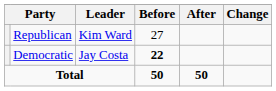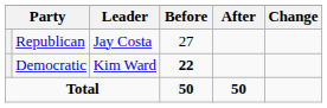 <table class="wikitable" style="text-align:center;">
 <tr>
 </tr>
 <tr>
 <th colspan="2">Party</th>
 <th>Leader</th>
 <th style="width:3em">Before</th>
 <th style="width:3em">After</th>
 <th style="width:3em">Change</th>
 </tr>
 <tr>
 <th style="background-color:"></th>
 <td style="text-align:left;"><a href='#'>Republican</a></td>
-<td style="text-align:left;"><a href='#'>Kim Ward</a></td>
+<td style="text-align:left;"><a href='#'>Jay Costa</a></td>
 <td>27</td>
 <td></td>
 <td></td>
 </tr>
 <tr>
 <th style="background-color:"></th>
 <td style="text-align:left;"><a href='#'>Democratic</a></td>
-<td style="text-align:left;"><a href='#'>Jay Costa</a></td>
+<td style="text-align:left;"><a href='#'>Kim Ward</a></td>
 <td><strong>22</strong></td>
 <td></td>
 <td></td>
 </tr>
 <tr>
 <td colspan="3"><strong>Total</strong></td>
 <td><strong>50</strong></td>
 <td><strong>50</strong></td>
 <td></td>
 </tr>
 </table>
